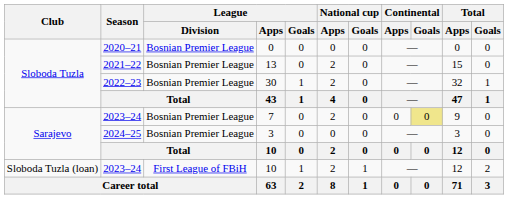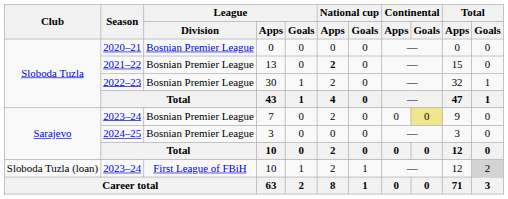 <table class="wikitable" style="text-align:center">
 <tr>
 <th rowspan=2>Club</th>
 <th rowspan=2>Season</th>
 <th colspan=3>League</th>
 <th colspan=2>National cup</th>
 <th colspan=2>Continental</th>
 <th colspan=2>Total</th>
 </tr>
 <tr>
 <th>Division</th>
 <th>Apps</th>
 <th>Goals</th>
 <th>Apps</th>
 <th>Goals</th>
 <th>Apps</th>
 <th>Goals</th>
 <th>Apps</th>
 <th>Goals</th>
 </tr>
 <tr>
 <td rowspan=4><a href='#'>Sloboda Tuzla</a></td>
 <td><a href='#'>2020–21</a></td>
 <td><a href='#'>Bosnian Premier League</a></td>
 <td>0</td>
 <td>0</td>
 <td>0</td>
 <td>0</td>
 <td colspan=2>—</td>
 <td>0</td>
 <td>0</td>
 </tr>
 <tr>
 <td><a href='#'>2021–22</a></td>
 <td>Bosnian Premier League</td>
 <td>13</td>
 <td>0</td>
-<td>2</td>
+<td><strong>2</strong></td>
 <td>0</td>
 <td colspan=2>—</td>
 <td>15</td>
 <td>0</td>
 </tr>
 <tr>
 <td><a href='#'>2022–23</a></td>
 <td>Bosnian Premier League</td>
 <td>30</td>
 <td>1</td>
 <td>2</td>
 <td>0</td>
 <td colspan=2>—</td>
 <td>32</td>
 <td>1</td>
 </tr>
 <tr>
 <th colspan=2>Total</th>
 <th>43</th>
 <th>1</th>
 <th>4</th>
 <th>0</th>
 <th colspan=2>—</th>
 <th>47</th>
 <th>1</th>
 </tr>
 <tr>
 <td rowspan=3><a href='#'>Sarajevo</a></td>
 <td><a href='#'>2023–24</a></td>
 <td>Bosnian Premier League</td>
 <td>7</td>
 <td>0</td>
 <td>2</td>
 <td>0</td>
 <td>0</td>
 <td style="background: khaki;">0</td>
 <td>9</td>
 <td>0</td>
 </tr>
 <tr>
 <td><a href='#'>2024–25</a></td>
 <td>Bosnian Premier League</td>
 <td>3</td>
 <td>0</td>
 <td>0</td>
 <td>0</td>
 <td colspan=2>—</td>
 <td>3</td>
 <td>0</td>
 </tr>
 <tr>
 <th colspan=2>Total</th>
 <th>10</th>
 <th>0</th>
 <th>2</th>
 <th>0</th>
 <th>0</th>
 <th>0</th>
 <th>12</th>
 <th>0</th>
 </tr>
 <tr>
 <td>Sloboda Tuzla (loan)</td>
 <td><a href='#'>2023–24</a></td>
 <td><a href='#'>First League of FBiH</a></td>
 <td>10</td>
 <td>1</td>
 <td>2</td>
 <td>1</td>
 <td colspan=2>—</td>
 <td>12</td>
-<td>2</td>
+<td style="background: lightgrey;">2</td>
 </tr>
 <tr>
 <th colspan=3>Career total</th>
 <th>63</th>
 <th>2</th>
 <th>8</th>
 <th>1</th>
 <th>0</th>
 <th>0</th>
 <th>71</th>
 <th>3</th>
 </tr>
 </table>
